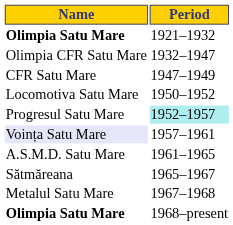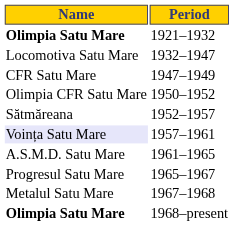 <table class="toccolours">
 <tr>
 <th style="background:#ffd000;color:#303878;border:1px solid #303878;">Name</th>
 <th style="background:#ffd000;color:#303878;border:1px solid #303878;">Period</th>
 </tr>
 <tr>
 <td><strong>Olimpia Satu Mare</strong></td>
 <td>1921–1932</td>
 </tr>
 <tr>
-<td>Olimpia CFR Satu Mare</td>
+<td>Locomotiva Satu Mare</td>
 <td>1932–1947</td>
 </tr>
 <tr>
 <td>CFR Satu Mare</td>
 <td>1947–1949</td>
 </tr>
 <tr>
-<td>Locomotiva Satu Mare</td>
+<td>Olimpia CFR Satu Mare</td>
 <td>1950–1952</td>
 </tr>
 <tr>
-<td>Progresul Satu Mare</td>
-<td style="background: paleturquoise;">1952–1957</td>
+<td>Sătmăreana</td>
+<td>1952–1957</td>
 </tr>
 <tr>
 <td style="background: lavender;">Voința Satu Mare</td>
 <td>1957–1961</td>
 </tr>
 <tr>
 <td>A.S.M.D. Satu Mare</td>
 <td>1961–1965</td>
 </tr>
 <tr>
-<td>Sătmăreana</td>
+<td>Progresul Satu Mare</td>
 <td>1965–1967</td>
 </tr>
 <tr>
 <td>Metalul Satu Mare</td>
 <td>1967–1968</td>
 </tr>
 <tr>
 <td><strong>Olimpia Satu Mare</strong></td>
 <td>1968–present</td>
 </tr>
 </table>
